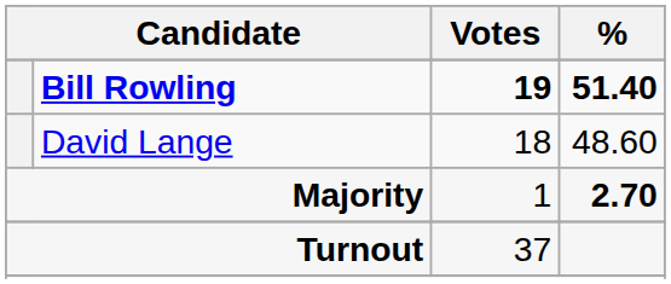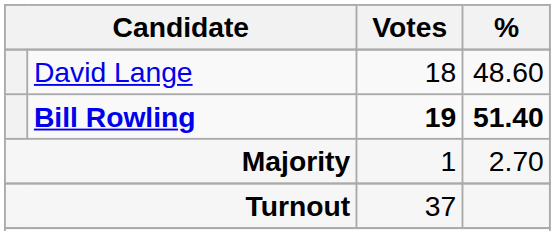 <table class="wikitable" style="font-size: 95%;">
 <tr style="background-color:#E9E9E9">
 <th colspan="2" style="width: 170px">Candidate</th>
 <th style="width: 50px">Votes</th>
 <th style="width: 40px">%</th>
 </tr>
 <tr>
 </tr>
 <tr>
+<th style="background-color: "></th>
+<td style="width: 170px"><a href='#'>David Lange</a></td>
+<td align="right">18</td>
+<td align="right">48.60</td>
+</tr>
+<tr>
 <th width=5 style="background-color: "></th>
 <td style="width: 170px"><strong><a href='#'>Bill Rowling</a></strong></td>
 <td align="right"><strong>19</strong></td>
 <td align="right"><strong>51.40</strong></td>
 </tr>
-<tr>
-<th style="background-color: "></th>
-<td style="width: 170px"><a href='#'>David Lange</a></td>
-<td align="right">18</td>
-<td align="right">48.60</td>
-</tr>
 <tr style="background-color:#F6F6F6">
 <td colspan="2" align="right"><strong>Majority</strong></td>
 <td align="right">1</td>
-<td align="right"><strong>2.70</strong></td>
+<td align="right">2.70</td>
 </tr>
 <tr>
 </tr>
 <tr style="background-color:#F6F6F6">
 <td colspan="2" align="right"><strong>Turnout</strong></td>
 <td align="right">37</td>
 <td></td>
 </tr>
 <tr>
 </tr>
 <tr style="background-color:#F6F6F6">
 </tr>
 </table>
